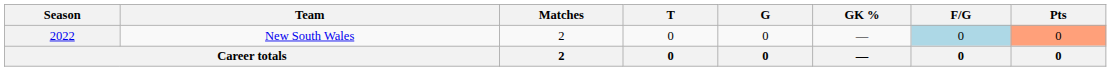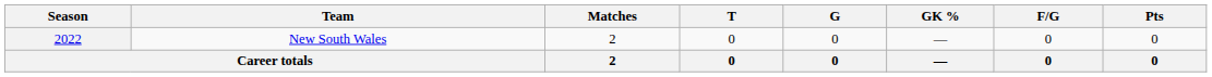 <table class="wikitable sortable"  style="font-size:90%; text-align:center; width:80%;">
 <tr>
 <th width=2%>Season</th>
 <th width=8%>Team</th>
 <th width=2%>Matches</th>
 <th width=2%>T</th>
 <th width=2%>G</th>
 <th width=2%>GK %</th>
 <th width=2%>F/G</th>
 <th width=2%>Pts</th>
 </tr>
 <tr>
 <th scope="row" style="text-align:center; font-weight:normal"><a href='#'>2022</a></th>
 <td style="text-align:center;"> <a href='#'>New South Wales</a></td>
 <td>2</td>
 <td>0</td>
 <td>0</td>
 <td>—</td>
-<td style="background: lightblue;">0</td>
-<td style="background: lightsalmon;">0</td>
+<td>0</td>
+<td>0</td>
 </tr>
 <tr class="sortbottom">
 <th colspan=2>Career totals</th>
 <th>2</th>
 <th>0</th>
 <th>0</th>
 <th>—</th>
 <th>0</th>
 <th>0</th>
 </tr>
 </table>
